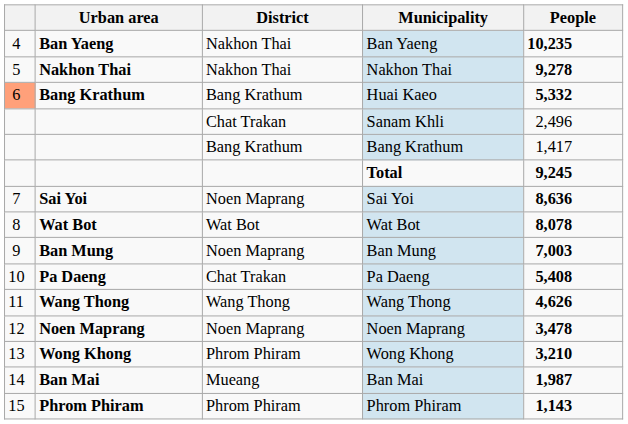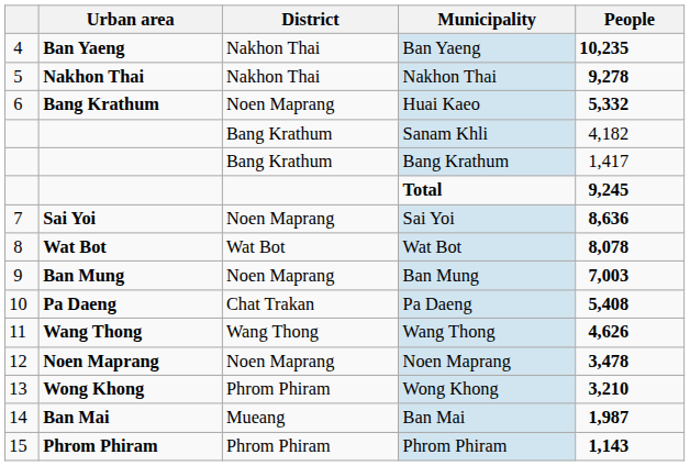 <table class="wikitable" style="width:48%; display:inline-table;">
 <tr>
 <th scope="col" style="width:5%;"> </th>
 <th scope="col" style="width:27%;">Urban area</th>
 <th scope="col" style="width:26%;">District</th>
 <th scope="col" style="width:26%;">Municipality</th>
 <th scope="col" style="width:16%;">People</th>
 </tr>
 <tr>
 <td> 4</td>
 <td><strong>Ban Yaeng</strong></td>
 <td>Nakhon Thai</td>
 <td style="background:#d1e5f0;">Ban Yaeng</td>
 <td><strong>10,235</strong></td>
 </tr>
 <tr>
 <td> 5</td>
 <td><strong>Nakhon Thai</strong></td>
 <td>Nakhon Thai</td>
 <td style="background:#d1e5f0;">Nakhon Thai</td>
 <td>  <strong>9,278</strong></td>
 </tr>
 <tr>
-<td style="background: lightsalmon;"> 6</td>
+<td> 6</td>
 <td><strong>Bang Krathum</strong></td>
-<td>Bang Krathum</td>
+<td>Noen Maprang</td>
 <td style="background:#d1e5f0;">Huai Kaeo</td>
 <td><strong>  5,332</strong></td>
 </tr>
 <tr>
 <td> </td>
 <td> </td>
-<td>Chat Trakan</td>
+<td>Bang Krathum</td>
 <td style="background:#d1e5f0;">Sanam Khli</td>
-<td>  2,496</td>
+<td>  4,182</td>
 </tr>
 <tr>
 <td> </td>
 <td> </td>
 <td>Bang Krathum</td>
 <td style="background:#d1e5f0;">Bang Krathum</td>
 <td>  1,417</td>
 </tr>
 <tr>
 <td> </td>
 <td> </td>
 <td> </td>
 <td><strong>Total</strong></td>
 <td>  <strong>9,245</strong></td>
 </tr>
 <tr>
 <td> 7</td>
 <td><strong>Sai Yoi</strong></td>
 <td>Noen Maprang</td>
 <td style="background:#d1e5f0;">Sai Yoi</td>
 <td>  <strong>8,636</strong></td>
 </tr>
 <tr>
 <td> 8</td>
 <td><strong>Wat Bot</strong></td>
 <td>Wat Bot</td>
 <td style="background:#d1e5f0;">Wat Bot</td>
 <td>  <strong>8,078</strong></td>
 </tr>
 <tr>
 <td> 9</td>
 <td><strong>Ban Mung</strong></td>
 <td>Noen Maprang</td>
 <td style="background:#d1e5f0;">Ban Mung</td>
 <td>  <strong>7,003</strong></td>
 </tr>
 <tr>
 <td>10</td>
 <td><strong>Pa Daeng</strong></td>
 <td>Chat Trakan</td>
 <td style="background:#d1e5f0;">Pa Daeng</td>
 <td>  <strong>5,408</strong></td>
 </tr>
 <tr>
 <td>11</td>
 <td><strong>Wang Thong</strong></td>
 <td>Wang Thong</td>
 <td style="background:#d1e5f0;">Wang Thong</td>
 <td>  <strong>4,626</strong></td>
 </tr>
 <tr>
 <td>12</td>
 <td><strong>Noen Maprang</strong></td>
 <td>Noen Maprang</td>
 <td style="background:#d1e5f0;">Noen Maprang</td>
 <td>  <strong>3,478</strong></td>
 </tr>
 <tr>
 <td>13</td>
 <td><strong>Wong Khong</strong></td>
 <td>Phrom Phiram</td>
 <td style="background:#d1e5f0;">Wong Khong</td>
 <td>  <strong>3,210</strong></td>
 </tr>
 <tr>
 <td>14</td>
 <td><strong>Ban Mai</strong></td>
 <td>Mueang</td>
 <td style="background:#d1e5f0;">Ban Mai</td>
 <td>  <strong>1,987</strong></td>
 </tr>
 <tr>
 <td>15</td>
 <td><strong>Phrom Phiram</strong></td>
 <td>Phrom Phiram</td>
 <td style="background:#d1e5f0;">Phrom Phiram</td>
 <td>  <strong>1,143</strong></td>
 </tr>
 </table>
